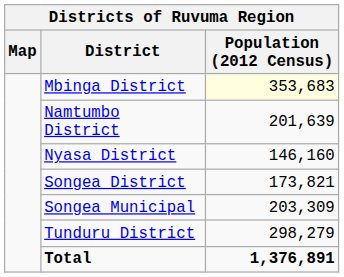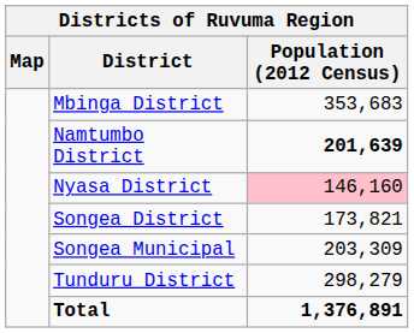 <table class="wikitable">
 <tr>
 <th colspan="6">Districts of Ruvuma Region</th>
 </tr>
 <tr style="text-align:center;">
 <th>Map</th>
 <th style="width: 10em">District</th>
 <th style="width: 8em">Population<br>(2012 Census)</th>
 </tr>
 <tr>
 <td rowspan= 7></td>
 <td><a href='#'>Mbinga District</a></td>
-<td style="background: lightyellow; text-align:right;">353,683</td>
+<td style="text-align:right;">353,683</td>
 </tr>
 <tr>
 <td><a href='#'>Namtumbo District</a></td>
-<td style="text-align:right;">201,639</td>
+<td style="text-align:right;"><strong>201,639</strong></td>
 </tr>
 <tr>
 <td><a href='#'>Nyasa District</a></td>
-<td style="text-align:right;">146,160</td>
+<td style="background: pink; text-align:right;">146,160</td>
 </tr>
 <tr>
 <td><a href='#'>Songea District</a></td>
 <td style="text-align:right;">173,821</td>
 </tr>
 <tr>
 <td><a href='#'>Songea Municipal</a></td>
 <td style="text-align:right;">203,309</td>
 </tr>
 <tr>
 <td><a href='#'>Tunduru District</a></td>
 <td style="text-align:right;">298,279</td>
 </tr>
 <tr>
 <td><strong>Total</strong></td>
 <td style="text-align:right;"><strong>1,376,891</strong></td>
 </tr>
 </table>
